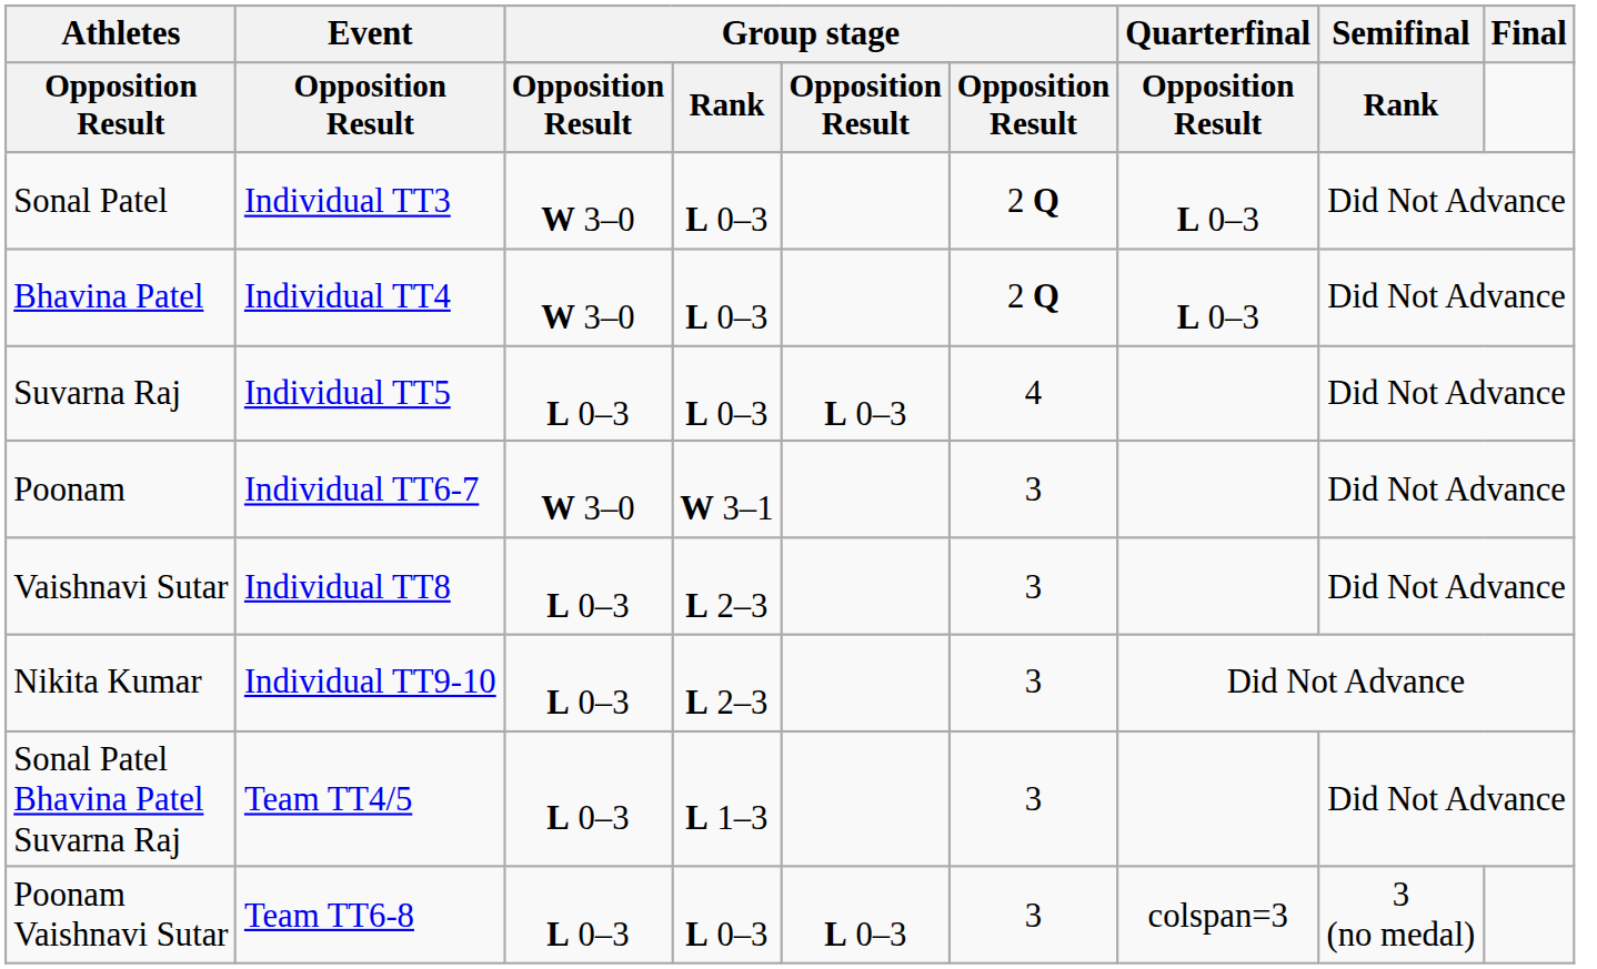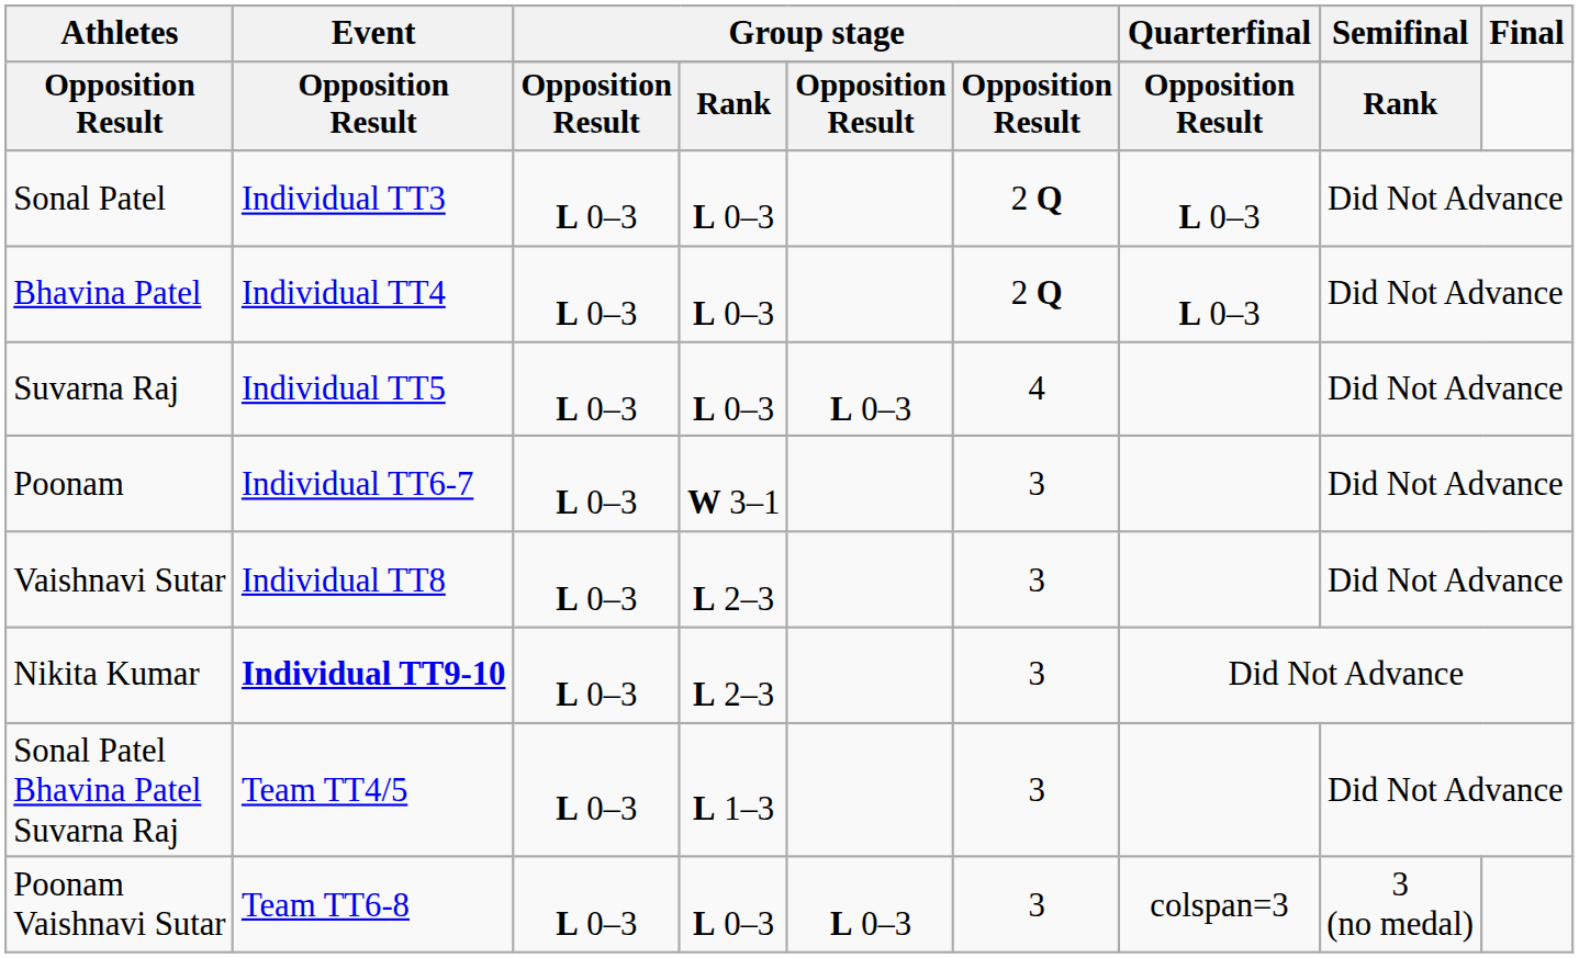 <table class="wikitable" style="text-align:center; font-size:90%">
 <tr>
 <th rowspan=2>Athletes</th>
 <th rowspan=2>Event</th>
 <th colspan=4>Group stage</th>
 <th>Quarterfinal</th>
 <th>Semifinal</th>
 <th colspan=2>Final</th>
 </tr>
 <tr>
 </tr>
 <tr style="font-size:95%">
 <th>Opposition<br>Result</th>
 <th>Opposition<br>Result</th>
 <th>Opposition<br>Result</th>
 <th>Rank</th>
 <th>Opposition<br>Result</th>
 <th>Opposition<br>Result</th>
 <th>Opposition<br>Result</th>
 <th>Rank</th>
 </tr>
 <tr>
 <td align=left>Sonal Patel</td>
 <td align=left><a href='#'>Individual TT3</a></td>
-<td><br><strong>W</strong> 3–0</td>
+<td><br><strong>L</strong> 0–3</td>
 <td><br><strong>L</strong> 0–3</td>
 <td></td>
 <td>2 <strong>Q</strong></td>
 <td><br><strong>L</strong> 0–3</td>
 <td colspan=3>Did Not Advance</td>
 </tr>
 <tr>
 <td align=left><a href='#'>Bhavina Patel</a></td>
 <td align=left><a href='#'>Individual TT4</a></td>
-<td><br><strong>W</strong> 3–0</td>
+<td><br><strong>L</strong> 0–3</td>
 <td><br><strong>L</strong> 0–3</td>
 <td></td>
 <td>2 <strong>Q</strong></td>
 <td><br><strong>L</strong> 0–3</td>
 <td colspan=3>Did Not Advance</td>
 </tr>
 <tr>
 <td align=left>Suvarna Raj</td>
 <td align=left><a href='#'>Individual TT5</a></td>
 <td><br><strong>L</strong> 0–3</td>
 <td><br><strong>L</strong> 0–3</td>
 <td><br><strong>L</strong> 0–3</td>
 <td>4</td>
 <td></td>
 <td colspan=3>Did Not Advance</td>
 </tr>
 <tr>
 <td align=left>Poonam</td>
 <td align=left><a href='#'>Individual TT6-7</a></td>
-<td><br><strong>W</strong> 3–0</td>
+<td><br><strong>L</strong> 0–3</td>
 <td><br><strong>W</strong> 3–1</td>
 <td></td>
 <td>3</td>
 <td></td>
 <td colspan=3>Did Not Advance</td>
 </tr>
 <tr>
 <td align=left>Vaishnavi Sutar</td>
 <td align=left><a href='#'>Individual TT8</a></td>
 <td><br><strong>L</strong> 0–3</td>
 <td><br><strong>L</strong> 2–3</td>
 <td></td>
 <td>3</td>
 <td></td>
 <td colspan=3>Did Not Advance</td>
 </tr>
 <tr>
 <td align=left>Nikita Kumar</td>
-<td align=left><a href='#'>Individual TT9-10</a></td>
+<td align=left><strong><a href='#'>Individual TT9-10</a></strong></td>
 <td><br><strong>L</strong> 0–3</td>
 <td><br><strong>L</strong> 2–3</td>
 <td></td>
 <td>3</td>
 <td colspan=4>Did Not Advance</td>
 </tr>
 <tr>
 <td align=left>Sonal Patel<br><a href='#'>Bhavina Patel</a><br>Suvarna Raj</td>
 <td align=left><a href='#'>Team TT4/5</a></td>
 <td><br><strong>L</strong> 0–3</td>
 <td><br><strong>L</strong> 1–3</td>
 <td></td>
 <td>3</td>
 <td></td>
 <td colspan=3>Did Not Advance</td>
 </tr>
 <tr>
 <td align=left>Poonam<br>Vaishnavi Sutar</td>
 <td align=left><a href='#'>Team TT6-8</a></td>
 <td><br><strong>L</strong> 0–3</td>
 <td><br><strong>L</strong> 0–3</td>
 <td><br><strong>L</strong> 0–3</td>
 <td>3</td>
 <td>colspan=3 </td>
 <td>3<br>(no medal)</td>
 </tr>
 </table>
